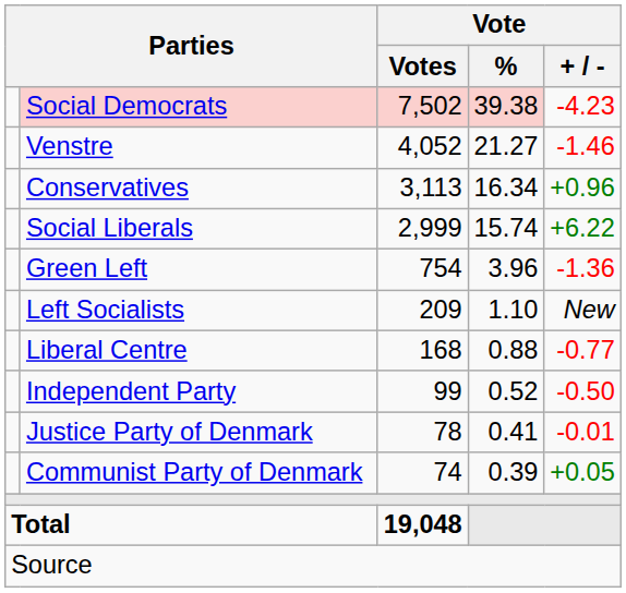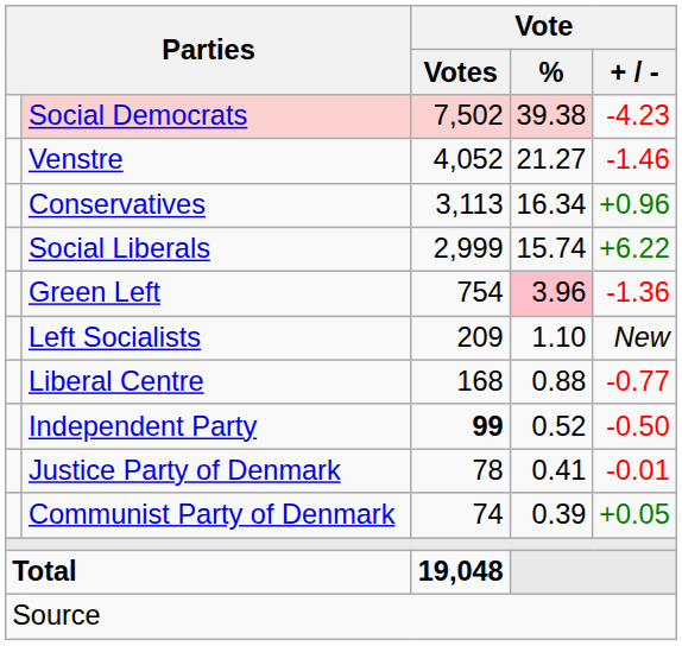 <table class="wikitable" style="text-align:right;">
 <tr>
 <th style="text-align:centre;" rowspan="2" colspan="2" width="225">Parties</th>
 <th colspan="3">Vote</th>
 </tr>
 <tr>
 <th width="15">Votes</th>
 <th width="15">%</th>
 <th width="15">+ / -</th>
 </tr>
 <tr>
 <td width="2" style="color:inherit;background:"></td>
 <td bgcolor=#fbd0ce  align="left"><a href='#'>Social Democrats</a></td>
 <td bgcolor=#fbd0ce>7,502</td>
 <td bgcolor=#fbd0ce>39.38</td>
 <td style=color:red;>-4.23</td>
 </tr>
 <tr>
 <td width="2" style="color:inherit;background:"></td>
 <td align="left"><a href='#'>Venstre</a></td>
 <td>4,052</td>
 <td>21.27</td>
 <td style=color:red;>-1.46</td>
 </tr>
 <tr>
 <td width="2" style="color:inherit;background:"></td>
 <td align="left"><a href='#'>Conservatives</a></td>
 <td>3,113</td>
 <td>16.34</td>
 <td style=color:green;>+0.96</td>
 </tr>
 <tr>
 <td width="2" style="color:inherit;background:"></td>
 <td align="left"><a href='#'>Social Liberals</a></td>
 <td>2,999</td>
 <td>15.74</td>
 <td style=color:green;>+6.22</td>
 </tr>
 <tr>
 <td width="2" style="color:inherit;background:"></td>
 <td align="left"><a href='#'>Green Left</a></td>
 <td>754</td>
-<td>3.96</td>
+<td style="background: pink;">3.96</td>
 <td style=color:red;>-1.36</td>
 </tr>
 <tr>
 <td width="2" style="color:inherit;background:"></td>
 <td align="left"><a href='#'>Left Socialists</a></td>
 <td>209</td>
 <td>1.10</td>
 <td><em>New</em></td>
 </tr>
 <tr>
 <td width="2" style="color:inherit;background:"></td>
 <td align="left"><a href='#'>Liberal Centre</a></td>
 <td>168</td>
 <td>0.88</td>
 <td style=color:red;>-0.77</td>
 </tr>
 <tr>
 <td width="2" style="color:inherit;background:"></td>
 <td align="left"><a href='#'>Independent Party</a></td>
-<td>99</td>
+<td><strong>99</strong></td>
 <td>0.52</td>
 <td style=color:red;>-0.50</td>
 </tr>
 <tr>
 <td width="2" style="color:inherit;background:"></td>
 <td align="left"><a href='#'>Justice Party of Denmark</a></td>
 <td>78</td>
 <td>0.41</td>
 <td style=color:red;>-0.01</td>
 </tr>
 <tr>
 <td width="2" style="color:inherit;background:"></td>
 <td align="left"><a href='#'>Communist Party of Denmark</a></td>
 <td>74</td>
 <td>0.39</td>
 <td style=color:green;>+0.05</td>
 </tr>
 <tr>
 <td colspan="7" bgcolor="#E9E9E9"></td>
 </tr>
 <tr>
 <td align="left" colspan="2"><strong>Total</strong></td>
 <td><strong>19,048</strong></td>
 <td bgcolor="#E9E9E9" colspan="2"></td>
 </tr>
 <tr>
 <td align="left" colspan="6">Source</td>
 </tr>
 </table>
